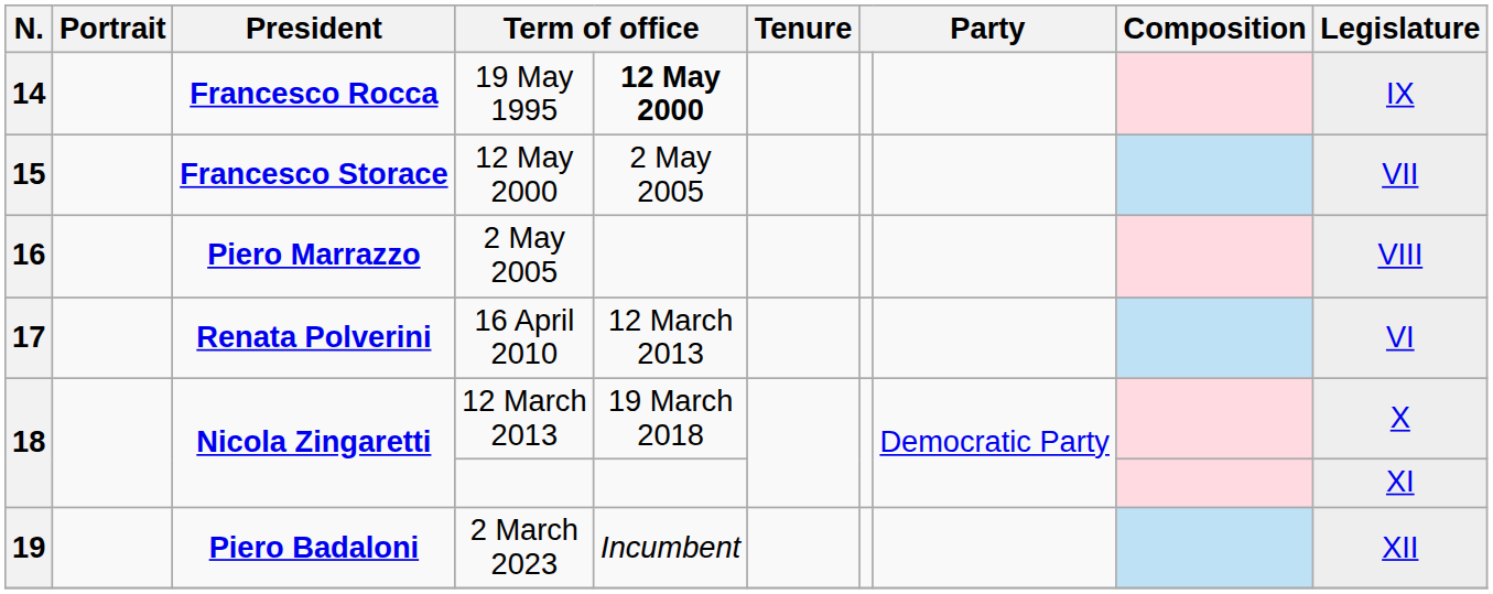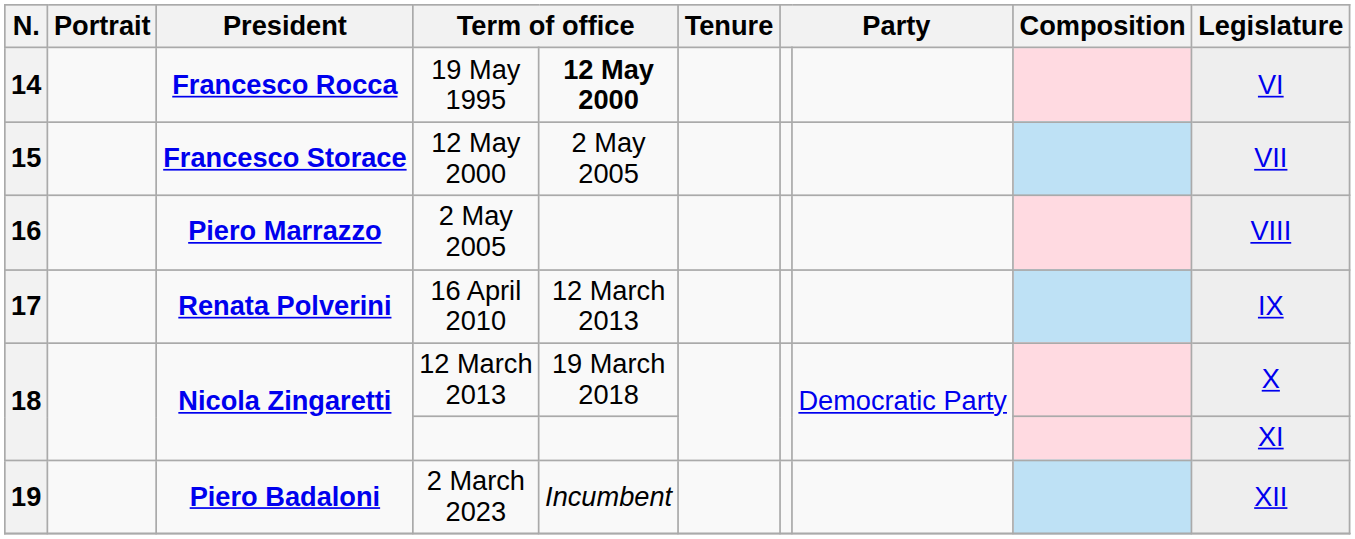 <table class=wikitable style=text-align:center>
 <tr>
 <th>N.</th>
 <th>Portrait</th>
 <th>President</th>
 <th colspan=2>Term of office</th>
 <th>Tenure<br></th>
 <th colspan=2>Party</th>
 <th>Composition</th>
 <th>Legislature</th>
 </tr>
 <tr>
 <th>14</th>
 <td></td>
 <td><strong><a href='#'>Francesco Rocca</a></strong><br></td>
 <td>19 May<br>1995</td>
 <td><strong>12 May<br>2000</strong></td>
 <td></td>
 <td></td>
 <td></td>
 <td bgcolor=#FFDAE1></td>
-<td bgcolor=#EEEEEE><a href='#'>IX<br></a></td>
+<td bgcolor=#EEEEEE><a href='#'>VI<br></a></td>
 </tr>
 <tr>
 <th>15</th>
 <td></td>
 <td><strong><a href='#'>Francesco Storace</a></strong><br></td>
 <td>12 May<br>2000</td>
 <td>2 May<br>2005</td>
 <td></td>
 <td></td>
 <td></td>
 <td bgcolor=#BEE1F5></td>
 <td bgcolor=#EEEEEE><a href='#'>VII<br></a></td>
 </tr>
 <tr>
 <th>16</th>
 <td></td>
 <td><strong><a href='#'>Piero Marrazzo</a></strong><br></td>
 <td>2 May<br>2005</td>
 <td></td>
 <td></td>
 <td></td>
 <td></td>
 <td bgcolor=#FFDAE1></td>
 <td bgcolor=#EEEEEE><a href='#'>VIII<br></a></td>
 </tr>
 <tr>
 <th>17</th>
 <td></td>
 <td><strong><a href='#'>Renata Polverini</a></strong><br></td>
 <td>16 April<br>2010</td>
 <td>12 March<br>2013</td>
 <td></td>
 <td></td>
 <td></td>
 <td bgcolor=#BEE1F5></td>
-<td bgcolor=#EEEEEE><a href='#'>VI<br></a></td>
+<td bgcolor=#EEEEEE><a href='#'>IX<br></a></td>
 </tr>
 <tr>
 <th rowspan=2>18</th>
 <td rowspan=2></td>
 <td rowspan=2><strong><a href='#'>Nicola Zingaretti</a></strong><br></td>
 <td>12 March<br>2013</td>
 <td>19 March<br>2018</td>
 <td rowspan=2></td>
 <td rowspan=2></td>
 <td rowspan=2><a href='#'>Democratic Party</a></td>
 <td bgcolor=#FFDAE1></td>
 <td bgcolor=#EEEEEE><a href='#'>X<br></a></td>
 </tr>
 <tr>
 <td></td>
 <td></td>
 <td bgcolor=#FFDAE1></td>
 <td bgcolor=#EEEEEE><a href='#'>XI<br></a></td>
 </tr>
 <tr>
 <th>19</th>
 <td></td>
 <td><strong><a href='#'>Piero Badaloni</a></strong><br></td>
 <td>2 March<br>2023</td>
 <td><em>Incumbent</em></td>
 <td></td>
 <td></td>
 <td></td>
 <td bgcolor=#BEE1F5></td>
 <td bgcolor=#EEEEEE><a href='#'>XII<br></a></td>
 </tr>
 <tr>
 </tr>
 </table>
